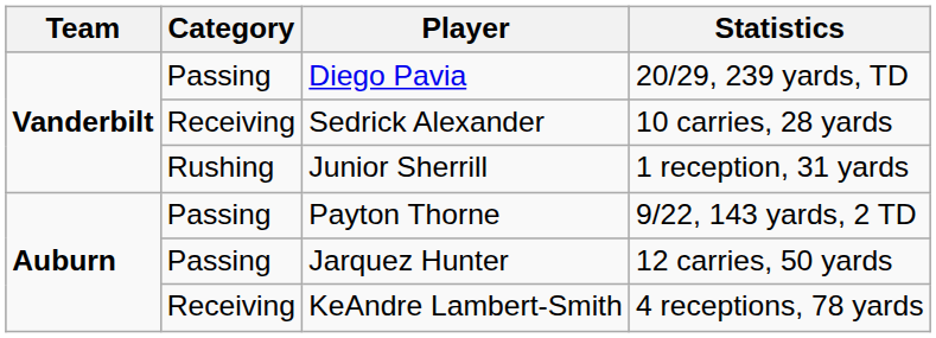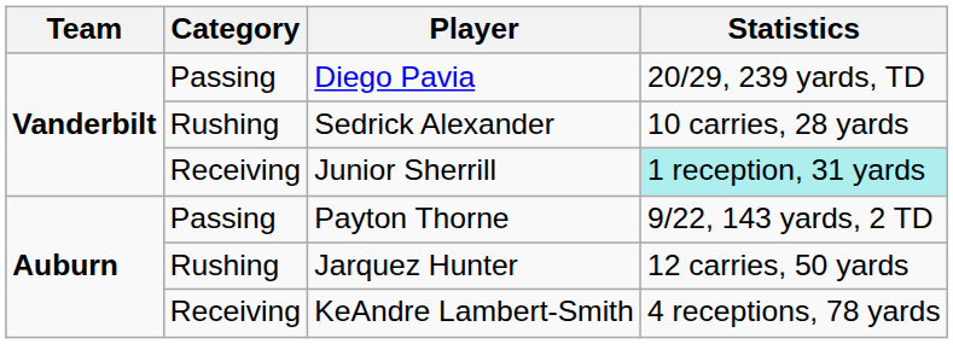 <table class="wikitable" style="float: right;">
 <tr>
 <th>Team</th>
 <th>Category</th>
 <th>Player</th>
 <th>Statistics</th>
 </tr>
 <tr>
 <td rowspan=3><strong>Vanderbilt</strong></td>
 <td>Passing</td>
 <td><a href='#'>Diego Pavia</a></td>
 <td>20/29, 239 yards, TD</td>
 </tr>
 <tr>
-<td>Receiving</td>
+<td>Rushing</td>
 <td>Sedrick Alexander</td>
 <td>10 carries, 28 yards</td>
 </tr>
 <tr>
-<td>Rushing</td>
+<td>Receiving</td>
 <td>Junior Sherrill</td>
-<td>1 reception, 31 yards</td>
+<td style="background: paleturquoise;">1 reception, 31 yards</td>
 </tr>
 <tr>
 <td rowspan=3><strong>Auburn</strong></td>
 <td>Passing</td>
 <td>Payton Thorne</td>
 <td>9/22, 143 yards, 2 TD</td>
 </tr>
 <tr>
-<td>Passing</td>
+<td>Rushing</td>
 <td>Jarquez Hunter</td>
 <td>12 carries, 50 yards</td>
 </tr>
 <tr>
 <td>Receiving</td>
 <td>KeAndre Lambert-Smith</td>
 <td>4 receptions, 78 yards</td>
 </tr>
 </table>
